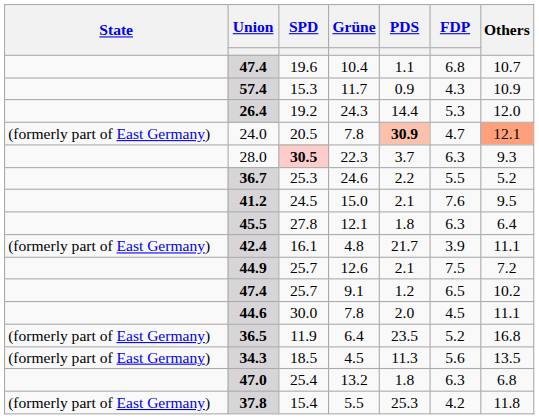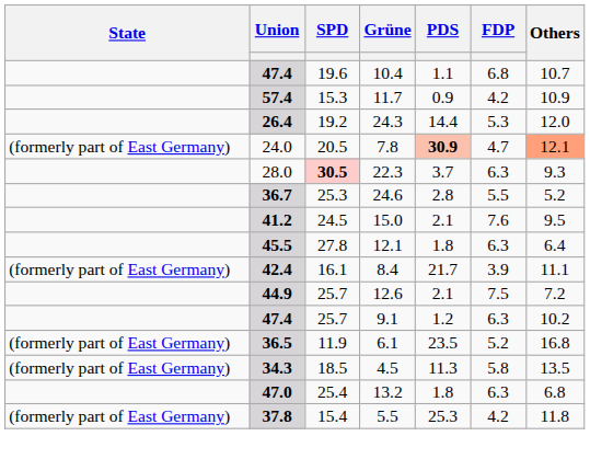 <table class="wikitable sortable" style="text-align:center;font-size:90%;line-height:14px">
 <tr style="height:40px;">
 <th style="width:200px;" rowspan="2"><a href='#'>State</a></th>
 <th style="width:40px;"><a href='#'>Union</a></th>
 <th style="width:40px;"><a href='#'>SPD</a></th>
 <th style="width:40px;"><a href='#'>Grüne</a></th>
 <th style="width:40px;"><a href='#'>PDS</a></th>
 <th style="width:40px;"><a href='#'>FDP</a></th>
 <th class="unsortable" style="width:40px;" rowspan="2">Others</th>
 </tr>
 <tr>
 <th style="background:"></th>
 <th style="background:"></th>
 <th style="background:"></th>
 <th style="background:"></th>
 <th style="background:"></th>
 </tr>
 <tr>
 <td align="left"></td>
 <td style="background:#D7D5D7;"><strong>47.4</strong></td>
 <td>19.6</td>
 <td>10.4</td>
 <td>1.1</td>
 <td>6.8</td>
 <td>10.7</td>
 </tr>
 <tr>
 <td align="left"></td>
 <td style="background:#D7D5D7;"><strong>57.4</strong></td>
 <td>15.3</td>
 <td>11.7</td>
 <td>0.9</td>
-<td>4.3</td>
+<td>4.2</td>
 <td>10.9</td>
 </tr>
 <tr>
 <td align="left"></td>
 <td style="background:#D7D5D7;"><strong>26.4</strong></td>
 <td>19.2</td>
 <td>24.3</td>
 <td>14.4</td>
 <td>5.3</td>
 <td>12.0</td>
 </tr>
 <tr>
 <td align="left"> (formerly part of <a href='#'>East Germany</a>)</td>
 <td>24.0</td>
 <td>20.5</td>
 <td>7.8</td>
 <td style="background:#FCC1AC;"><strong>30.9</strong></td>
 <td>4.7</td>
 <td style="background: lightsalmon;">12.1</td>
 </tr>
 <tr>
 <td align="left"></td>
 <td>28.0</td>
 <td style="background:#FFCCCC"><strong>30.5</strong></td>
 <td>22.3</td>
 <td>3.7</td>
 <td>6.3</td>
 <td>9.3</td>
 </tr>
 <tr>
 <td align="left"></td>
 <td style="background:#D7D5D7;"><strong>36.7</strong></td>
 <td>25.3</td>
 <td>24.6</td>
-<td>2.2</td>
+<td>2.8</td>
 <td>5.5</td>
 <td>5.2</td>
 </tr>
 <tr>
 <td align="left"></td>
 <td style="background:#D7D5D7;"><strong>41.2</strong></td>
 <td>24.5</td>
 <td>15.0</td>
 <td>2.1</td>
 <td>7.6</td>
 <td>9.5</td>
 </tr>
 <tr>
 <td align="left"></td>
 <td style="background:#D7D5D7;"><strong>45.5</strong></td>
 <td>27.8</td>
 <td>12.1</td>
 <td>1.8</td>
 <td>6.3</td>
 <td>6.4</td>
 </tr>
 <tr>
 <td align="left"> (formerly part of <a href='#'>East Germany</a>)</td>
 <td style="background:#D7D5D7;"><strong>42.4</strong></td>
 <td>16.1</td>
-<td>4.8</td>
+<td>8.4</td>
 <td>21.7</td>
 <td>3.9</td>
 <td>11.1</td>
 </tr>
 <tr>
 <td align="left"></td>
 <td style="background:#D7D5D7;"><strong>44.9</strong></td>
 <td>25.7</td>
 <td>12.6</td>
 <td>2.1</td>
 <td>7.5</td>
 <td>7.2</td>
 </tr>
 <tr>
 <td align="left"></td>
 <td style="background:#D7D5D7;"><strong>47.4</strong></td>
 <td>25.7</td>
 <td>9.1</td>
 <td>1.2</td>
-<td>6.5</td>
+<td>6.3</td>
 <td>10.2</td>
-</tr>
-<tr>
-<td align="left"></td>
-<td style="background:#D7D5D7;"><strong>44.6</strong></td>
-<td>30.0</td>
-<td>7.8</td>
-<td>2.0</td>
-<td>4.5</td>
-<td>11.1</td>
 </tr>
 <tr>
 <td align="left"> (formerly part of <a href='#'>East Germany</a>)</td>
 <td style="background:#D7D5D7;"><strong>36.5</strong></td>
 <td>11.9</td>
-<td>6.4</td>
+<td>6.1</td>
 <td>23.5</td>
 <td>5.2</td>
 <td>16.8</td>
 </tr>
 <tr>
 <td align="left"> (formerly part of <a href='#'>East Germany</a>)</td>
 <td style="background:#D7D5D7;"><strong>34.3</strong></td>
 <td>18.5</td>
 <td>4.5</td>
 <td>11.3</td>
-<td>5.6</td>
+<td>5.8</td>
 <td>13.5</td>
 </tr>
 <tr>
 <td align="left"></td>
 <td style="background:#D7D5D7;"><strong>47.0</strong></td>
 <td>25.4</td>
 <td>13.2</td>
 <td>1.8</td>
 <td>6.3</td>
 <td>6.8</td>
 </tr>
 <tr>
 <td align="left"> (formerly part of <a href='#'>East Germany</a>)</td>
 <td style="background:#D7D5D7;"><strong>37.8</strong></td>
 <td>15.4</td>
 <td>5.5</td>
 <td>25.3</td>
 <td>4.2</td>
 <td>11.8</td>
 </tr>
 </table>
